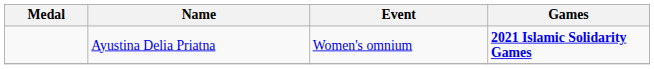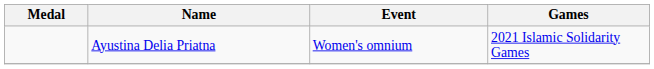 <table class="wikitable sortable" style="font-size:100%">
 <tr>
 <th width="90">Medal</th>
 <th width="250">Name</th>
 <th width="200">Event</th>
 <th width="180">Games</th>
 </tr>
 <tr>
 <td></td>
 <td><a href='#'>Ayustina Delia Priatna</a></td>
 <td><a href='#'>Women's omnium</a></td>
-<td><strong><a href='#'>2021 Islamic Solidarity Games</a></strong></td>
+<td><a href='#'>2021 Islamic Solidarity Games</a></td>
 </tr>
 <tr>
 </tr>
 </table>
